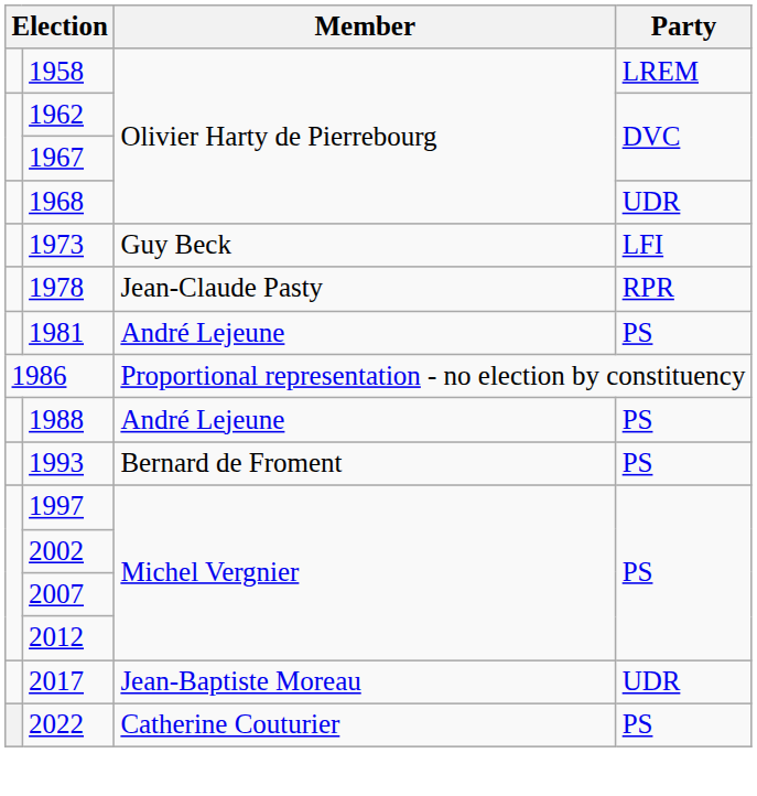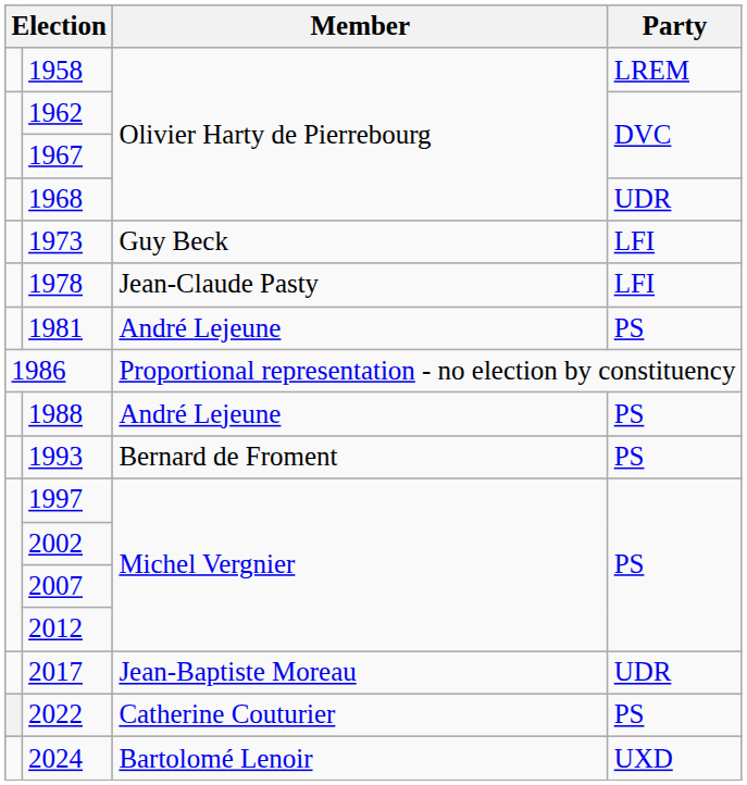 <table class="wikitable">
 <tr>
 <th colspan="2">Election</th>
 <th>Member</th>
 <th>Party</th>
 </tr>
 <tr>
 <td style="color:inherit;background-color: "></td>
 <td><a href='#'>1958</a></td>
 <td rowspan="4">Olivier Harty de Pierrebourg</td>
 <td><a href='#'>LREM</a></td>
 </tr>
 <tr>
 <td rowspan="2" style="color:inherit;background-color: "></td>
 <td><a href='#'>1962</a></td>
 <td rowspan="2"><a href='#'>DVC</a></td>
 </tr>
 <tr>
 <td><a href='#'>1967</a></td>
 </tr>
 <tr>
 <td style="color:inherit;background-color: "></td>
 <td><a href='#'>1968</a></td>
 <td><a href='#'>UDR</a></td>
 </tr>
 <tr>
 <td style="color:inherit;background-color: "></td>
 <td><a href='#'>1973</a></td>
 <td>Guy Beck</td>
 <td><a href='#'>LFI</a></td>
 </tr>
 <tr>
 <td style="color:inherit;background-color: "></td>
 <td><a href='#'>1978</a></td>
 <td>Jean-Claude Pasty</td>
-<td><a href='#'>RPR</a></td>
+<td><a href='#'>LFI</a></td>
 </tr>
 <tr>
 <td style="color:inherit;background-color: "></td>
 <td><a href='#'>1981</a></td>
 <td><a href='#'>André Lejeune</a></td>
 <td><a href='#'>PS</a></td>
 </tr>
 <tr>
 <td colspan="2"><a href='#'>1986</a></td>
 <td colspan="2"><a href='#'>Proportional representation</a> - no election by constituency</td>
 </tr>
 <tr>
 <td style="color:inherit;background-color: "></td>
 <td><a href='#'>1988</a></td>
 <td><a href='#'>André Lejeune</a></td>
 <td><a href='#'>PS</a></td>
 </tr>
 <tr>
 <td style="color:inherit;background-color: "></td>
 <td><a href='#'>1993</a></td>
 <td>Bernard de Froment</td>
 <td><a href='#'>PS</a></td>
 </tr>
 <tr>
 <td rowspan="4" style="color:inherit;background-color: "></td>
 <td><a href='#'>1997</a></td>
 <td rowspan="4"><a href='#'>Michel Vergnier</a></td>
 <td rowspan="4"><a href='#'>PS</a></td>
 </tr>
 <tr>
 <td><a href='#'>2002</a></td>
 </tr>
 <tr>
 <td><a href='#'>2007</a></td>
 </tr>
 <tr>
 <td><a href='#'>2012</a></td>
 </tr>
 <tr>
 <td style="color:inherit;background-color: "></td>
 <td><a href='#'>2017</a></td>
 <td><a href='#'>Jean-Baptiste Moreau</a></td>
 <td><a href='#'>UDR</a></td>
 </tr>
 <tr>
 <th style="color:inherit;background:"></th>
 <td><a href='#'>2022</a></td>
 <td><a href='#'>Catherine Couturier</a></td>
 <td><a href='#'>PS</a></td>
 </tr>
+<tr>
+<td style="color:inherit;background-color: "></td>
+<td><a href='#'>2024</a></td>
+<td><a href='#'>Bartolomé Lenoir</a></td>
+<td><a href='#'>UXD</a></td>
+</tr>
 </table>
